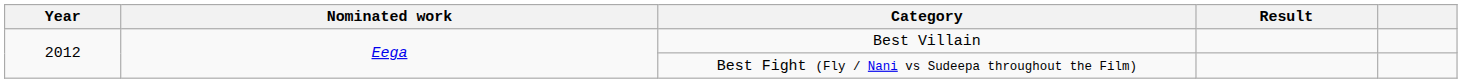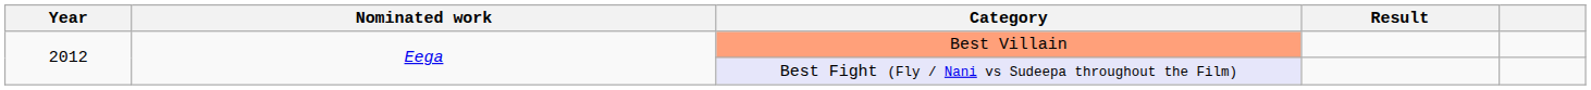 <table class="wikitable" width=100%>
 <tr>
 <th width=8%>Year</th>
 <th width=37%>Nominated work</th>
 <th width=37%>Category</th>
 <th width=12.5%>Result</th>
 <th width=5.5%></th>
 </tr>
 <tr>
 <td rowspan="2" style="text-align:center;">2012</td>
 <td rowspan="2" style="text-align: center;"><em><a href='#'>Eega</a></em></td>
-<td style="text-align: center;">Best Villain</td>
+<td style="background: lightsalmon; text-align: center;">Best Villain</td>
 <td></td>
 <td style="text-align: center;"></td>
 </tr>
 <tr>
-<td style="text-align: center;">Best Fight <small>(Fly / <a href='#'>Nani</a> vs Sudeepa throughout the Film)</small></td>
+<td style="background: lavender; text-align: center;">Best Fight <small>(Fly / <a href='#'>Nani</a> vs Sudeepa throughout the Film)</small></td>
 <td></td>
 <td style="text-align: center;"></td>
 </tr>
 </table>
